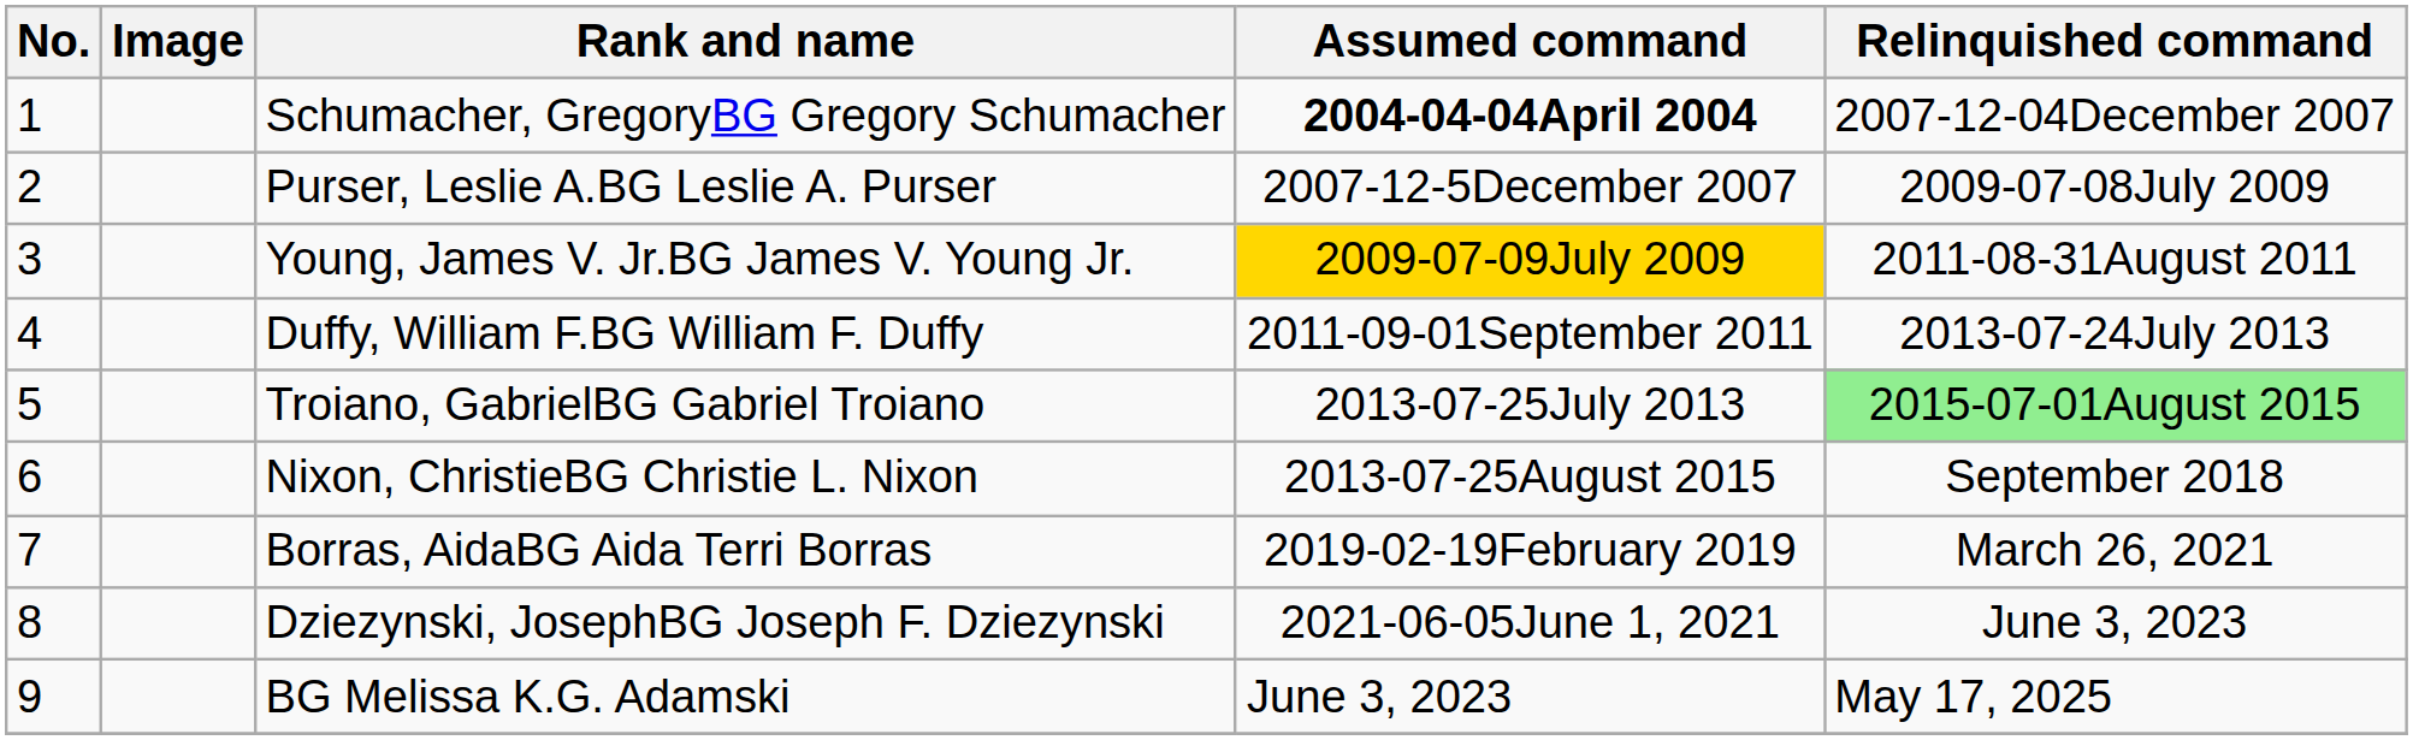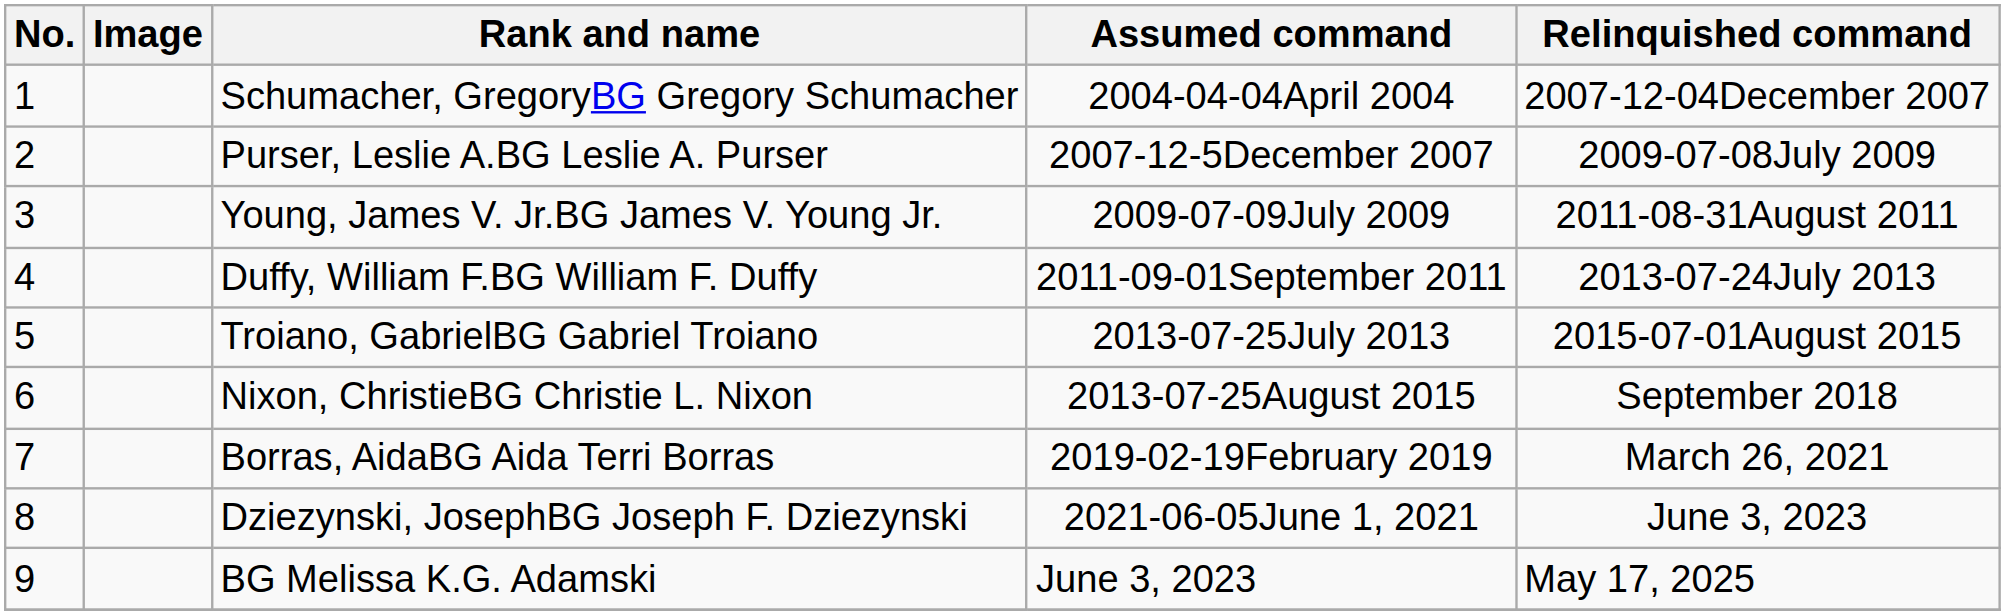 <table class="wikitable sortable">
 <tr>
 <th>No.</th>
 <th class=unsortable>Image</th>
 <th>Rank and name</th>
 <th>Assumed command</th>
 <th>Relinquished command</th>
 </tr>
 <tr>
 <td>1</td>
 <td></td>
 <td><span>Schumacher, Gregory</span><a href='#'>BG</a> Gregory Schumacher</td>
-<td align="center"><strong><span>2004-04-04</span>April 2004</strong></td>
+<td align="center"><span>2004-04-04</span>April 2004</td>
 <td align=center><span>2007-12-04</span>December 2007</td>
 </tr>
 <tr>
 <td>2</td>
 <td></td>
 <td><span>Purser, Leslie A.</span>BG Leslie A. Purser</td>
 <td align="center"><span>2007-12-5</span>December 2007</td>
 <td align=center><span>2009-07-08</span>July 2009</td>
 </tr>
 <tr>
 <td>3</td>
 <td></td>
 <td><span>Young, James V. Jr.</span>BG James V. Young Jr.</td>
-<td align="center" style="background: gold;"><span>2009-07-09</span>July 2009</td>
+<td align="center"><span>2009-07-09</span>July 2009</td>
 <td align=center><span>2011-08-31</span>August 2011</td>
 </tr>
 <tr>
 <td>4</td>
 <td></td>
 <td><span>Duffy, William F.</span>BG William F. Duffy</td>
 <td align="center"><span>2011-09-01</span>September 2011</td>
 <td align=center><span>2013-07-24</span>July 2013</td>
 </tr>
 <tr>
 <td>5</td>
 <td></td>
 <td><span>Troiano, Gabriel</span>BG Gabriel Troiano</td>
 <td align="center"><span>2013-07-25</span>July 2013</td>
-<td align=center style="background: lightgreen;"><span>2015-07-01</span>August 2015</td>
+<td align=center><span>2015-07-01</span>August 2015</td>
 </tr>
 <tr>
 <td>6</td>
 <td></td>
 <td><span>Nixon, Christie</span>BG Christie L. Nixon</td>
 <td align="center"><span>2013-07-25</span>August 2015</td>
 <td align=center>September 2018</td>
 </tr>
 <tr>
 <td>7</td>
 <td></td>
 <td><span>Borras, Aida</span>BG Aida Terri Borras</td>
 <td align="center"><span>2019-02-19</span>February 2019</td>
 <td align="center">March 26, 2021</td>
 </tr>
 <tr>
 <td>8</td>
 <td></td>
 <td><span>Dziezynski, Joseph</span>BG Joseph F. Dziezynski</td>
 <td align="center"><span>2021-06-05</span>June 1, 2021</td>
 <td align="center">June 3, 2023</td>
 </tr>
 <tr>
 <td>9</td>
 <td></td>
 <td>BG Melissa K.G. Adamski</td>
 <td>June 3, 2023</td>
 <td>May 17, 2025</td>
 </tr>
 <tr>
 </tr>
 </table>
